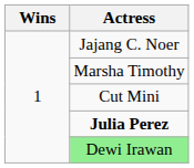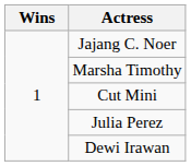 <table class="wikitable" style="text-align:center;">
 <tr>
 <th scope="col" width="55">Wins</th>
 <th scope="col" align="center">Actress</th>
 </tr>
 <tr>
 <td rowspan="5">1</td>
 <td>Jajang C. Noer</td>
 </tr>
 <tr>
 <td>Marsha Timothy</td>
 </tr>
 <tr>
 <td>Cut Mini</td>
 </tr>
 <tr>
-<td><strong>Julia Perez</strong></td>
+<td>Julia Perez</td>
 </tr>
 <tr>
-<td style="background: lightgreen;">Dewi Irawan</td>
+<td>Dewi Irawan</td>
 </tr>
 </table>
